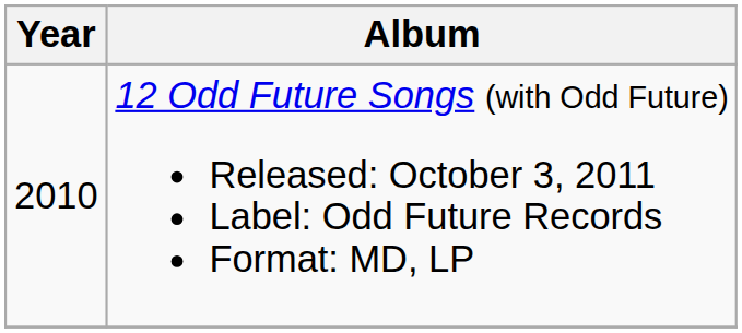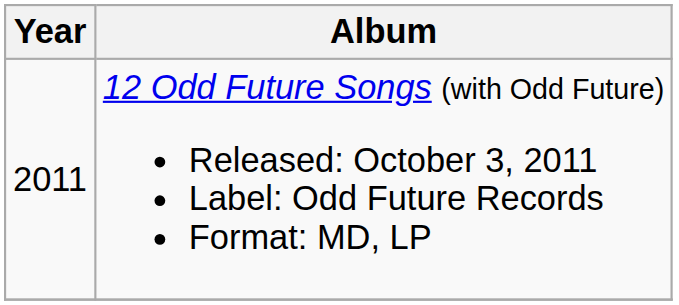 <table class="wikitable">
 <tr>
 <th>Year</th>
 <th>Album</th>
 </tr>
 <tr>
-<td align="center">2010</td>
+<td align="center">2011</td>
 <td><em><a href='#'>12 Odd Future Songs</a></em> <small>(with Odd Future)</small><br><ul><li>Released: October 3, 2011</li><li>Label: Odd Future Records</li><li>Format: MD, LP</li></ul></td>
 </tr>
 <tr>
 </tr>
 </table>
